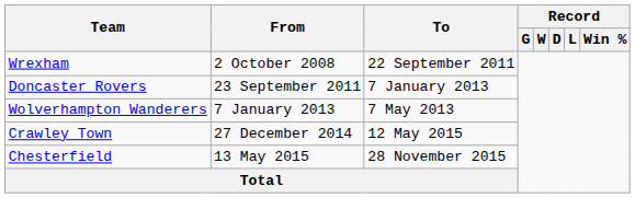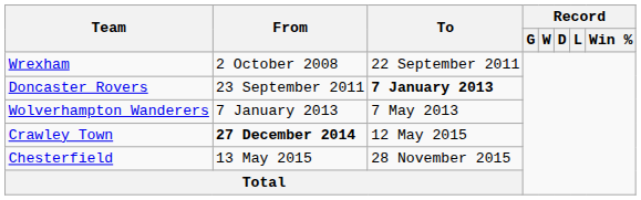 <table class="wikitable" style="text-align:centre">
 <tr>
 <th rowspan=2>Team</th>
 <th rowspan=2>From</th>
 <th rowspan=2>To</th>
 <th colspan=8>Record</th>
 </tr>
 <tr>
 <th>G</th>
 <th>W</th>
 <th>D</th>
 <th>L</th>
 <th>Win %</th>
 </tr>
 <tr>
 <td align=left><a href='#'>Wrexham</a></td>
 <td align=left>2 October 2008</td>
 <td align=left>22 September 2011<br></td>
 </tr>
 <tr>
 <td align=left><a href='#'>Doncaster Rovers</a></td>
 <td align=left>23 September 2011</td>
-<td align=left>7 January 2013<br></td>
+<td align=left><strong>7 January 2013<br></strong></td>
 </tr>
 <tr>
 <td align=left><a href='#'>Wolverhampton Wanderers</a></td>
 <td align=left>7 January 2013</td>
 <td align=left>7 May 2013<br></td>
 </tr>
 <tr>
 <td align=left><a href='#'>Crawley Town</a></td>
-<td align=left>27 December 2014</td>
+<td align=left><strong>27 December 2014</strong></td>
 <td align=left>12 May 2015<br></td>
 </tr>
 <tr>
 <td align=left><a href='#'>Chesterfield</a></td>
 <td align=left>13 May 2015</td>
 <td align=left>28 November 2015<br></td>
 </tr>
 <tr>
 <th colspan="3">Total<br></th>
 </tr>
 </table>
